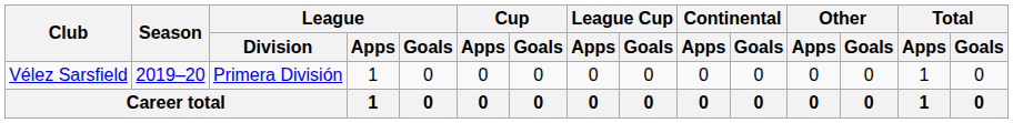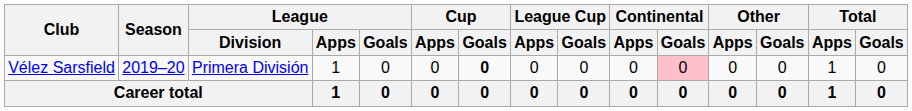 <table class="wikitable" style="text-align:center">
 <tr>
 <th rowspan="2">Club</th>
 <th rowspan="2">Season</th>
 <th colspan="3">League</th>
 <th colspan="2">Cup</th>
 <th colspan="2">League Cup</th>
 <th colspan="2">Continental</th>
 <th colspan="2">Other</th>
 <th colspan="2">Total</th>
 </tr>
 <tr>
 <th>Division</th>
 <th>Apps</th>
 <th>Goals</th>
 <th>Apps</th>
 <th>Goals</th>
 <th>Apps</th>
 <th>Goals</th>
 <th>Apps</th>
 <th>Goals</th>
 <th>Apps</th>
 <th>Goals</th>
 <th>Apps</th>
 <th>Goals</th>
 </tr>
 <tr>
 <td rowspan="1"><a href='#'>Vélez Sarsfield</a></td>
 <td><a href='#'>2019–20</a></td>
 <td rowspan="1"><a href='#'>Primera División</a></td>
 <td>1</td>
 <td>0</td>
 <td>0</td>
+<td><strong>0</strong></td>
 <td>0</td>
 <td>0</td>
 <td>0</td>
-<td>0</td>
-<td>0</td>
+<td style="background: pink;">0</td>
 <td>0</td>
 <td>0</td>
 <td>1</td>
 <td>0</td>
 </tr>
 <tr>
 <th colspan="3">Career total</th>
 <th>1</th>
 <th>0</th>
 <th>0</th>
 <th>0</th>
 <th>0</th>
 <th>0</th>
 <th>0</th>
 <th>0</th>
 <th>0</th>
 <th>0</th>
 <th>1</th>
 <th>0</th>
 </tr>
 </table>
